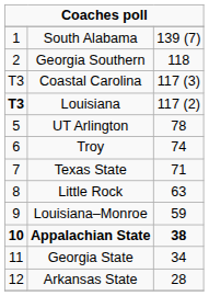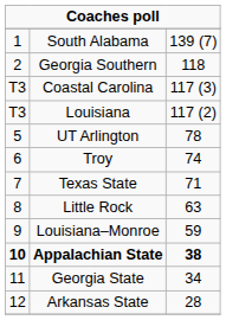 <table class="wikitable">
 <tr align="center">
 <td align="center" Colspan="3"><strong>Coaches poll</strong></td>
 </tr>
 <tr align="center">
 </tr>
 <tr align="center">
 <td>1</td>
 <td>South Alabama</td>
 <td>139 (7)</td>
 </tr>
 <tr align="center">
 <td>2</td>
 <td>Georgia Southern</td>
 <td>118</td>
 </tr>
 <tr align="center">
 <td>T3</td>
 <td>Coastal Carolina</td>
 <td>117 (3)</td>
 </tr>
 <tr align="center">
-<td><strong>T3</strong></td>
+<td>T3</td>
 <td>Louisiana</td>
 <td>117 (2)</td>
 </tr>
 <tr align="center">
 <td>5</td>
 <td>UT Arlington</td>
 <td>78</td>
 </tr>
 <tr align="center">
 <td>6</td>
 <td>Troy</td>
 <td>74</td>
 </tr>
 <tr align="center">
 <td>7</td>
 <td>Texas State</td>
 <td>71</td>
 </tr>
 <tr align="center">
 <td>8</td>
 <td>Little Rock</td>
 <td>63</td>
 </tr>
 <tr align="center">
 <td>9</td>
 <td>Louisiana–Monroe</td>
 <td>59</td>
 </tr>
 <tr align="center">
 <td><strong>10</strong></td>
 <td><strong>Appalachian State</strong></td>
 <td><strong>38</strong></td>
 </tr>
 <tr align="center">
 <td>11</td>
 <td>Georgia State</td>
 <td>34</td>
 </tr>
 <tr align="center">
 <td>12</td>
 <td>Arkansas State</td>
 <td>28</td>
 </tr>
 <tr align="center">
 </tr>
 </table>
